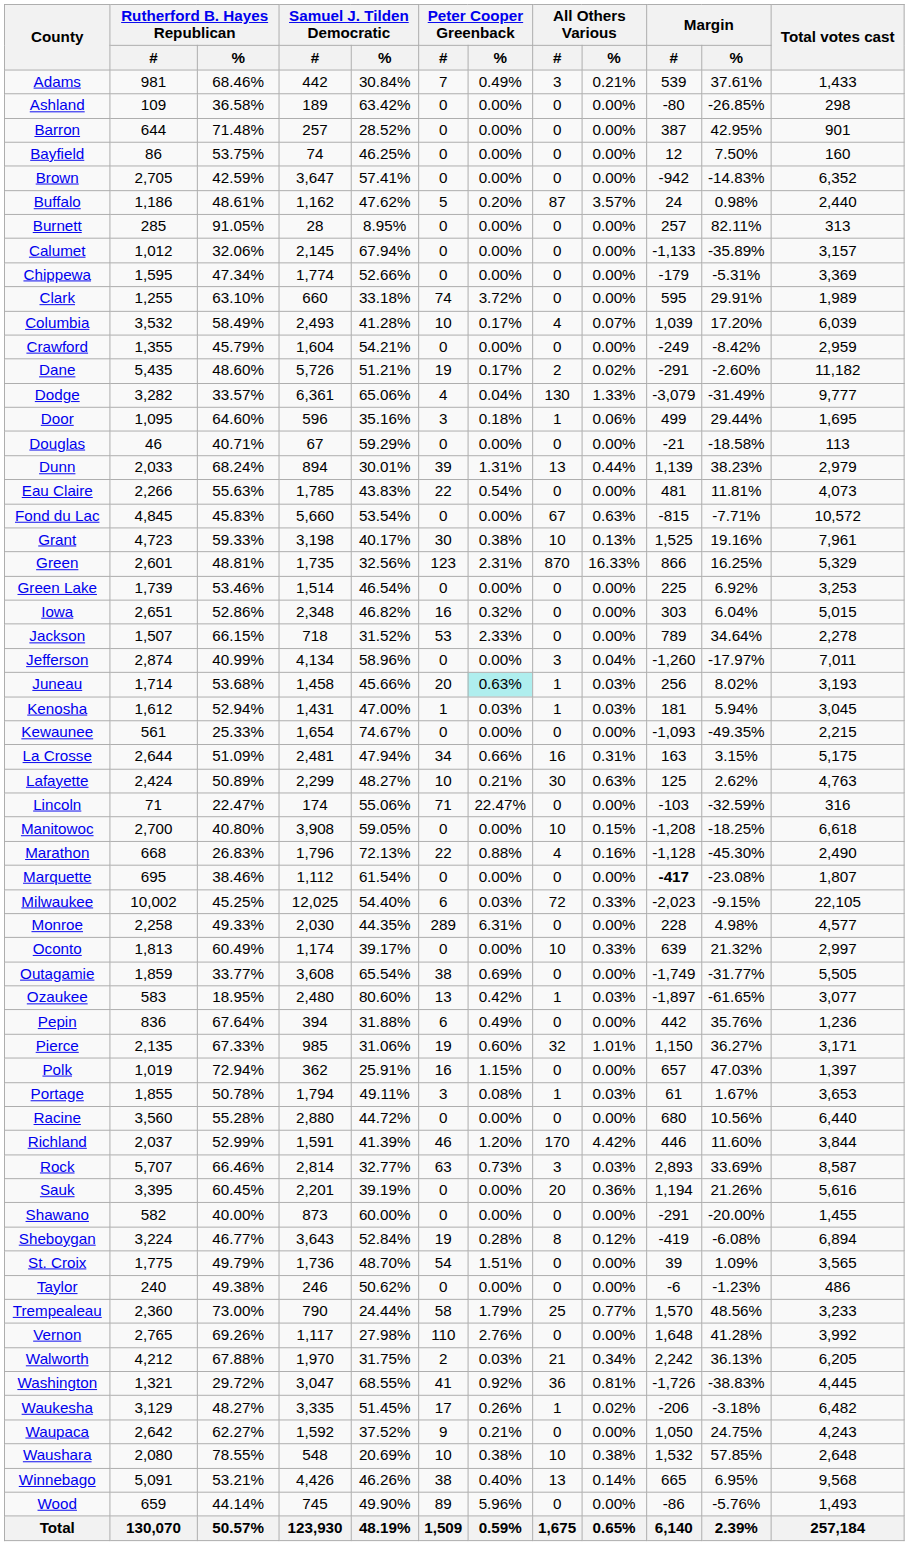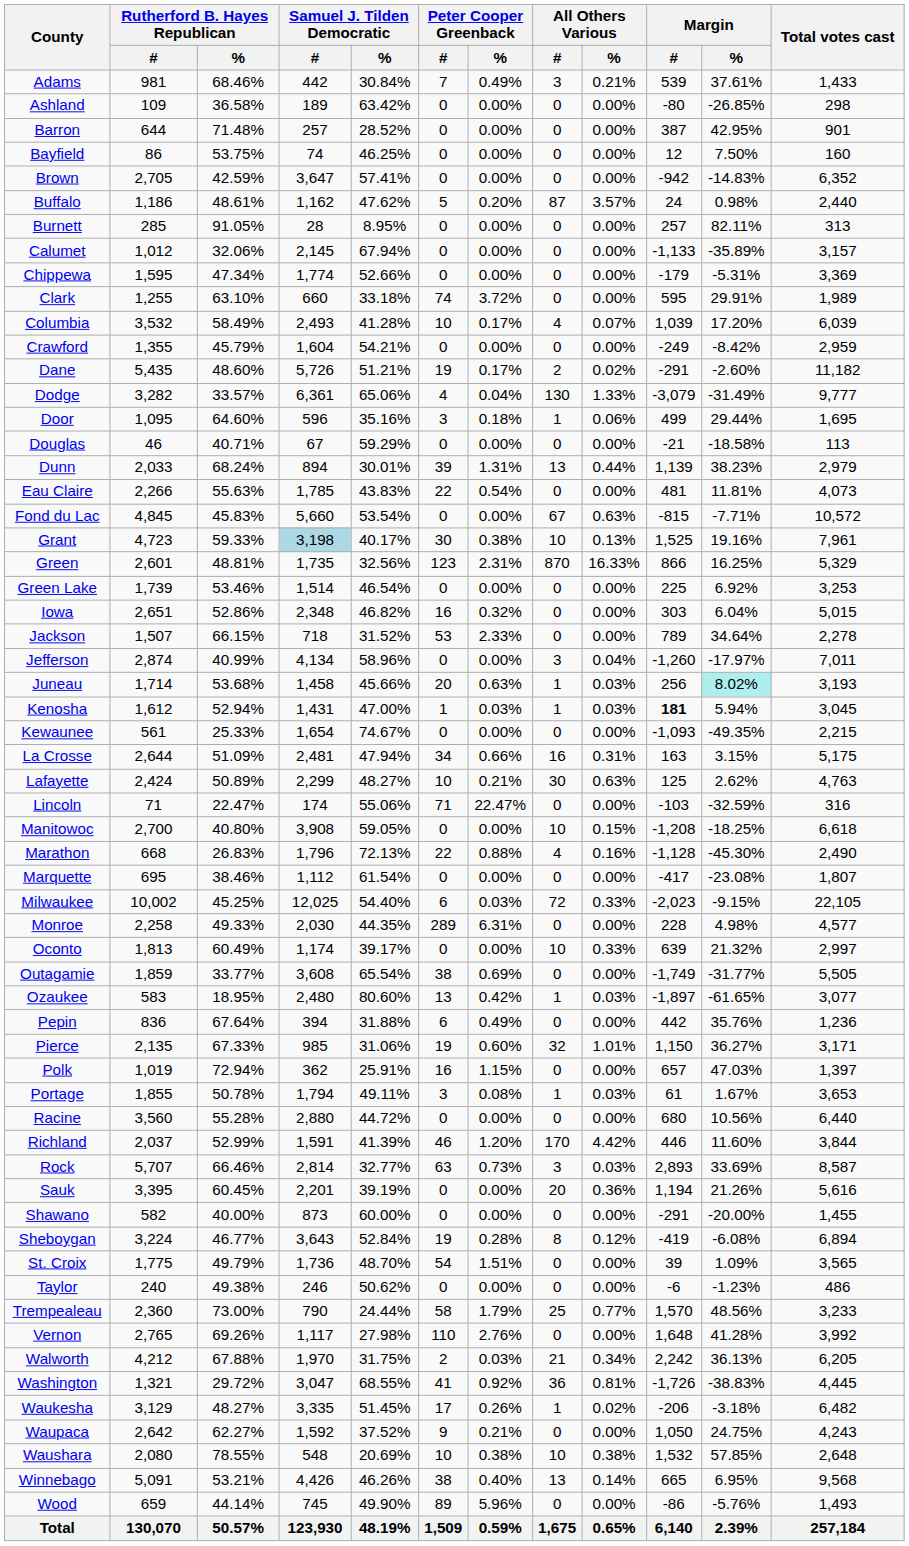 <table width="75%" class="wikitable sortable" style="text-align:center">
 <tr>
 <th rowspan="2" style="text-align:center;">County</th>
 <th colspan="2" style="text-align:center;"><a href='#'>Rutherford B. Hayes</a><br>Republican</th>
 <th colspan="2" style="text-align:center;"><a href='#'>Samuel J. Tilden</a><br>Democratic</th>
 <th colspan="2" style="text-align:center;"><a href='#'>Peter Cooper</a><br>Greenback</th>
 <th colspan="2" style="text-align:center;">All Others<br>Various</th>
 <th colspan="2" style="text-align:center;">Margin</th>
 <th rowspan="2" style="text-align:center;">Total votes cast</th>
 </tr>
 <tr>
 <th style="text-align:center;" data-sort-type="number">#</th>
 <th style="text-align:center;" data-sort-type="number">%</th>
 <th style="text-align:center;" data-sort-type="number">#</th>
 <th style="text-align:center;" data-sort-type="number">%</th>
 <th style="text-align:center;" data-sort-type="number">#</th>
 <th style="text-align:center;" data-sort-type="number">%</th>
 <th style="text-align:center;" data-sort-type="number">#</th>
 <th style="text-align:center;" data-sort-type="number">%</th>
 <th style="text-align:center;" data-sort-type="number">#</th>
 <th style="text-align:center;" data-sort-type="number">%</th>
 </tr>
 <tr style="text-align:center;">
 <td><a href='#'>Adams</a></td>
 <td>981</td>
 <td>68.46%</td>
 <td>442</td>
 <td>30.84%</td>
 <td>7</td>
 <td>0.49%</td>
 <td>3</td>
 <td>0.21%</td>
 <td>539</td>
 <td>37.61%</td>
 <td>1,433</td>
 </tr>
 <tr style="text-align:center;">
 <td><a href='#'>Ashland</a></td>
 <td>109</td>
 <td>36.58%</td>
 <td>189</td>
 <td>63.42%</td>
 <td>0</td>
 <td>0.00%</td>
 <td>0</td>
 <td>0.00%</td>
 <td>-80</td>
 <td>-26.85%</td>
 <td>298</td>
 </tr>
 <tr style="text-align:center;">
 <td><a href='#'>Barron</a></td>
 <td>644</td>
 <td>71.48%</td>
 <td>257</td>
 <td>28.52%</td>
 <td>0</td>
 <td>0.00%</td>
 <td>0</td>
 <td>0.00%</td>
 <td>387</td>
 <td>42.95%</td>
 <td>901</td>
 </tr>
 <tr style="text-align:center;">
 <td><a href='#'>Bayfield</a></td>
 <td>86</td>
 <td>53.75%</td>
 <td>74</td>
 <td>46.25%</td>
 <td>0</td>
 <td>0.00%</td>
 <td>0</td>
 <td>0.00%</td>
 <td>12</td>
 <td>7.50%</td>
 <td>160</td>
 </tr>
 <tr style="text-align:center;">
 <td><a href='#'>Brown</a></td>
 <td>2,705</td>
 <td>42.59%</td>
 <td>3,647</td>
 <td>57.41%</td>
 <td>0</td>
 <td>0.00%</td>
 <td>0</td>
 <td>0.00%</td>
 <td>-942</td>
 <td>-14.83%</td>
 <td>6,352</td>
 </tr>
 <tr style="text-align:center;">
 <td><a href='#'>Buffalo</a></td>
 <td>1,186</td>
 <td>48.61%</td>
 <td>1,162</td>
 <td>47.62%</td>
 <td>5</td>
 <td>0.20%</td>
 <td>87</td>
 <td>3.57%</td>
 <td>24</td>
 <td>0.98%</td>
 <td>2,440</td>
 </tr>
 <tr style="text-align:center;">
 <td><a href='#'>Burnett</a></td>
 <td>285</td>
 <td>91.05%</td>
 <td>28</td>
 <td>8.95%</td>
 <td>0</td>
 <td>0.00%</td>
 <td>0</td>
 <td>0.00%</td>
 <td>257</td>
 <td>82.11%</td>
 <td>313</td>
 </tr>
 <tr style="text-align:center;">
 <td><a href='#'>Calumet</a></td>
 <td>1,012</td>
 <td>32.06%</td>
 <td>2,145</td>
 <td>67.94%</td>
 <td>0</td>
 <td>0.00%</td>
 <td>0</td>
 <td>0.00%</td>
 <td>-1,133</td>
 <td>-35.89%</td>
 <td>3,157</td>
 </tr>
 <tr style="text-align:center;">
 <td><a href='#'>Chippewa</a></td>
 <td>1,595</td>
 <td>47.34%</td>
 <td>1,774</td>
 <td>52.66%</td>
 <td>0</td>
 <td>0.00%</td>
 <td>0</td>
 <td>0.00%</td>
 <td>-179</td>
 <td>-5.31%</td>
 <td>3,369</td>
 </tr>
 <tr style="text-align:center;">
 <td><a href='#'>Clark</a></td>
 <td>1,255</td>
 <td>63.10%</td>
 <td>660</td>
 <td>33.18%</td>
 <td>74</td>
 <td>3.72%</td>
 <td>0</td>
 <td>0.00%</td>
 <td>595</td>
 <td>29.91%</td>
 <td>1,989</td>
 </tr>
 <tr style="text-align:center;">
 <td><a href='#'>Columbia</a></td>
 <td>3,532</td>
 <td>58.49%</td>
 <td>2,493</td>
 <td>41.28%</td>
 <td>10</td>
 <td>0.17%</td>
 <td>4</td>
 <td>0.07%</td>
 <td>1,039</td>
 <td>17.20%</td>
 <td>6,039</td>
 </tr>
 <tr style="text-align:center;">
 <td><a href='#'>Crawford</a></td>
 <td>1,355</td>
 <td>45.79%</td>
 <td>1,604</td>
 <td>54.21%</td>
 <td>0</td>
 <td>0.00%</td>
 <td>0</td>
 <td>0.00%</td>
 <td>-249</td>
 <td>-8.42%</td>
 <td>2,959</td>
 </tr>
 <tr style="text-align:center;">
 <td><a href='#'>Dane</a></td>
 <td>5,435</td>
 <td>48.60%</td>
 <td>5,726</td>
 <td>51.21%</td>
 <td>19</td>
 <td>0.17%</td>
 <td>2</td>
 <td>0.02%</td>
 <td>-291</td>
 <td>-2.60%</td>
 <td>11,182</td>
 </tr>
 <tr style="text-align:center;">
 <td><a href='#'>Dodge</a></td>
 <td>3,282</td>
 <td>33.57%</td>
 <td>6,361</td>
 <td>65.06%</td>
 <td>4</td>
 <td>0.04%</td>
 <td>130</td>
 <td>1.33%</td>
 <td>-3,079</td>
 <td>-31.49%</td>
 <td>9,777</td>
 </tr>
 <tr style="text-align:center;">
 <td><a href='#'>Door</a></td>
 <td>1,095</td>
 <td>64.60%</td>
 <td>596</td>
 <td>35.16%</td>
 <td>3</td>
 <td>0.18%</td>
 <td>1</td>
 <td>0.06%</td>
 <td>499</td>
 <td>29.44%</td>
 <td>1,695</td>
 </tr>
 <tr style="text-align:center;">
 <td><a href='#'>Douglas</a></td>
 <td>46</td>
 <td>40.71%</td>
 <td>67</td>
 <td>59.29%</td>
 <td>0</td>
 <td>0.00%</td>
 <td>0</td>
 <td>0.00%</td>
 <td>-21</td>
 <td>-18.58%</td>
 <td>113</td>
 </tr>
 <tr style="text-align:center;">
 <td><a href='#'>Dunn</a></td>
 <td>2,033</td>
 <td>68.24%</td>
 <td>894</td>
 <td>30.01%</td>
 <td>39</td>
 <td>1.31%</td>
 <td>13</td>
 <td>0.44%</td>
 <td>1,139</td>
 <td>38.23%</td>
 <td>2,979</td>
 </tr>
 <tr style="text-align:center;">
 <td><a href='#'>Eau Claire</a></td>
 <td>2,266</td>
 <td>55.63%</td>
 <td>1,785</td>
 <td>43.83%</td>
 <td>22</td>
 <td>0.54%</td>
 <td>0</td>
 <td>0.00%</td>
 <td>481</td>
 <td>11.81%</td>
 <td>4,073</td>
 </tr>
 <tr style="text-align:center;">
 <td><a href='#'>Fond du Lac</a></td>
 <td>4,845</td>
 <td>45.83%</td>
 <td>5,660</td>
 <td>53.54%</td>
 <td>0</td>
 <td>0.00%</td>
 <td>67</td>
 <td>0.63%</td>
 <td>-815</td>
 <td>-7.71%</td>
 <td>10,572</td>
 </tr>
 <tr style="text-align:center;">
 <td><a href='#'>Grant</a></td>
 <td>4,723</td>
 <td>59.33%</td>
-<td>3,198</td>
+<td style="background: lightblue;">3,198</td>
 <td>40.17%</td>
 <td>30</td>
 <td>0.38%</td>
 <td>10</td>
 <td>0.13%</td>
 <td>1,525</td>
 <td>19.16%</td>
 <td>7,961</td>
 </tr>
 <tr style="text-align:center;">
 <td><a href='#'>Green</a></td>
 <td>2,601</td>
 <td>48.81%</td>
 <td>1,735</td>
 <td>32.56%</td>
 <td>123</td>
 <td>2.31%</td>
 <td>870</td>
 <td>16.33%</td>
 <td>866</td>
 <td>16.25%</td>
 <td>5,329</td>
 </tr>
 <tr style="text-align:center;">
 <td><a href='#'>Green Lake</a></td>
 <td>1,739</td>
 <td>53.46%</td>
 <td>1,514</td>
 <td>46.54%</td>
 <td>0</td>
 <td>0.00%</td>
 <td>0</td>
 <td>0.00%</td>
 <td>225</td>
 <td>6.92%</td>
 <td>3,253</td>
 </tr>
 <tr style="text-align:center;">
 <td><a href='#'>Iowa</a></td>
 <td>2,651</td>
 <td>52.86%</td>
 <td>2,348</td>
 <td>46.82%</td>
 <td>16</td>
 <td>0.32%</td>
 <td>0</td>
 <td>0.00%</td>
 <td>303</td>
 <td>6.04%</td>
 <td>5,015</td>
 </tr>
 <tr style="text-align:center;">
 <td><a href='#'>Jackson</a></td>
 <td>1,507</td>
 <td>66.15%</td>
 <td>718</td>
 <td>31.52%</td>
 <td>53</td>
 <td>2.33%</td>
 <td>0</td>
 <td>0.00%</td>
 <td>789</td>
 <td>34.64%</td>
 <td>2,278</td>
 </tr>
 <tr style="text-align:center;">
 <td><a href='#'>Jefferson</a></td>
 <td>2,874</td>
 <td>40.99%</td>
 <td>4,134</td>
 <td>58.96%</td>
 <td>0</td>
 <td>0.00%</td>
 <td>3</td>
 <td>0.04%</td>
 <td>-1,260</td>
 <td>-17.97%</td>
 <td>7,011</td>
 </tr>
 <tr style="text-align:center;">
 <td><a href='#'>Juneau</a></td>
 <td>1,714</td>
 <td>53.68%</td>
 <td>1,458</td>
 <td>45.66%</td>
 <td>20</td>
-<td style="background: paleturquoise;">0.63%</td>
+<td>0.63%</td>
 <td>1</td>
 <td>0.03%</td>
 <td>256</td>
-<td>8.02%</td>
+<td style="background: paleturquoise;">8.02%</td>
 <td>3,193</td>
 </tr>
 <tr style="text-align:center;">
 <td><a href='#'>Kenosha</a></td>
 <td>1,612</td>
 <td>52.94%</td>
 <td>1,431</td>
 <td>47.00%</td>
 <td>1</td>
 <td>0.03%</td>
 <td>1</td>
 <td>0.03%</td>
-<td>181</td>
+<td><strong>181</strong></td>
 <td>5.94%</td>
 <td>3,045</td>
 </tr>
 <tr style="text-align:center;">
 <td><a href='#'>Kewaunee</a></td>
 <td>561</td>
 <td>25.33%</td>
 <td>1,654</td>
 <td>74.67%</td>
 <td>0</td>
 <td>0.00%</td>
 <td>0</td>
 <td>0.00%</td>
 <td>-1,093</td>
 <td>-49.35%</td>
 <td>2,215</td>
 </tr>
 <tr style="text-align:center;">
 <td><a href='#'>La Crosse</a></td>
 <td>2,644</td>
 <td>51.09%</td>
 <td>2,481</td>
 <td>47.94%</td>
 <td>34</td>
 <td>0.66%</td>
 <td>16</td>
 <td>0.31%</td>
 <td>163</td>
 <td>3.15%</td>
 <td>5,175</td>
 </tr>
 <tr style="text-align:center;">
 <td><a href='#'>Lafayette</a></td>
 <td>2,424</td>
 <td>50.89%</td>
 <td>2,299</td>
 <td>48.27%</td>
 <td>10</td>
 <td>0.21%</td>
 <td>30</td>
 <td>0.63%</td>
 <td>125</td>
 <td>2.62%</td>
 <td>4,763</td>
 </tr>
 <tr style="text-align:center;">
 <td><a href='#'>Lincoln</a></td>
 <td>71</td>
 <td>22.47%</td>
 <td>174</td>
 <td>55.06%</td>
 <td>71</td>
 <td>22.47%</td>
 <td>0</td>
 <td>0.00%</td>
 <td>-103</td>
 <td>-32.59%</td>
 <td>316</td>
 </tr>
 <tr style="text-align:center;">
 <td><a href='#'>Manitowoc</a></td>
 <td>2,700</td>
 <td>40.80%</td>
 <td>3,908</td>
 <td>59.05%</td>
 <td>0</td>
 <td>0.00%</td>
 <td>10</td>
 <td>0.15%</td>
 <td>-1,208</td>
 <td>-18.25%</td>
 <td>6,618</td>
 </tr>
 <tr style="text-align:center;">
 <td><a href='#'>Marathon</a></td>
 <td>668</td>
 <td>26.83%</td>
 <td>1,796</td>
 <td>72.13%</td>
 <td>22</td>
 <td>0.88%</td>
 <td>4</td>
 <td>0.16%</td>
 <td>-1,128</td>
 <td>-45.30%</td>
 <td>2,490</td>
 </tr>
 <tr style="text-align:center;">
 <td><a href='#'>Marquette</a></td>
 <td>695</td>
 <td>38.46%</td>
 <td>1,112</td>
 <td>61.54%</td>
 <td>0</td>
 <td>0.00%</td>
 <td>0</td>
 <td>0.00%</td>
-<td><strong>-417</strong></td>
+<td>-417</td>
 <td>-23.08%</td>
 <td>1,807</td>
 </tr>
 <tr style="text-align:center;">
 <td><a href='#'>Milwaukee</a></td>
 <td>10,002</td>
 <td>45.25%</td>
 <td>12,025</td>
 <td>54.40%</td>
 <td>6</td>
 <td>0.03%</td>
 <td>72</td>
 <td>0.33%</td>
 <td>-2,023</td>
 <td>-9.15%</td>
 <td>22,105</td>
 </tr>
 <tr style="text-align:center;">
 <td><a href='#'>Monroe</a></td>
 <td>2,258</td>
 <td>49.33%</td>
 <td>2,030</td>
 <td>44.35%</td>
 <td>289</td>
 <td>6.31%</td>
 <td>0</td>
 <td>0.00%</td>
 <td>228</td>
 <td>4.98%</td>
 <td>4,577</td>
 </tr>
 <tr style="text-align:center;">
 <td><a href='#'>Oconto</a></td>
 <td>1,813</td>
 <td>60.49%</td>
 <td>1,174</td>
 <td>39.17%</td>
 <td>0</td>
 <td>0.00%</td>
 <td>10</td>
 <td>0.33%</td>
 <td>639</td>
 <td>21.32%</td>
 <td>2,997</td>
 </tr>
 <tr style="text-align:center;">
 <td><a href='#'>Outagamie</a></td>
 <td>1,859</td>
 <td>33.77%</td>
 <td>3,608</td>
 <td>65.54%</td>
 <td>38</td>
 <td>0.69%</td>
 <td>0</td>
 <td>0.00%</td>
 <td>-1,749</td>
 <td>-31.77%</td>
 <td>5,505</td>
 </tr>
 <tr style="text-align:center;">
 <td><a href='#'>Ozaukee</a></td>
 <td>583</td>
 <td>18.95%</td>
 <td>2,480</td>
 <td>80.60%</td>
 <td>13</td>
 <td>0.42%</td>
 <td>1</td>
 <td>0.03%</td>
 <td>-1,897</td>
 <td>-61.65%</td>
 <td>3,077</td>
 </tr>
 <tr style="text-align:center;">
 <td><a href='#'>Pepin</a></td>
 <td>836</td>
 <td>67.64%</td>
 <td>394</td>
 <td>31.88%</td>
 <td>6</td>
 <td>0.49%</td>
 <td>0</td>
 <td>0.00%</td>
 <td>442</td>
 <td>35.76%</td>
 <td>1,236</td>
 </tr>
 <tr style="text-align:center;">
 <td><a href='#'>Pierce</a></td>
 <td>2,135</td>
 <td>67.33%</td>
 <td>985</td>
 <td>31.06%</td>
 <td>19</td>
 <td>0.60%</td>
 <td>32</td>
 <td>1.01%</td>
 <td>1,150</td>
 <td>36.27%</td>
 <td>3,171</td>
 </tr>
 <tr style="text-align:center;">
 <td><a href='#'>Polk</a></td>
 <td>1,019</td>
 <td>72.94%</td>
 <td>362</td>
 <td>25.91%</td>
 <td>16</td>
 <td>1.15%</td>
 <td>0</td>
 <td>0.00%</td>
 <td>657</td>
 <td>47.03%</td>
 <td>1,397</td>
 </tr>
 <tr style="text-align:center;">
 <td><a href='#'>Portage</a></td>
 <td>1,855</td>
 <td>50.78%</td>
 <td>1,794</td>
 <td>49.11%</td>
 <td>3</td>
 <td>0.08%</td>
 <td>1</td>
 <td>0.03%</td>
 <td>61</td>
 <td>1.67%</td>
 <td>3,653</td>
 </tr>
 <tr style="text-align:center;">
 <td><a href='#'>Racine</a></td>
 <td>3,560</td>
 <td>55.28%</td>
 <td>2,880</td>
 <td>44.72%</td>
 <td>0</td>
 <td>0.00%</td>
 <td>0</td>
 <td>0.00%</td>
 <td>680</td>
 <td>10.56%</td>
 <td>6,440</td>
 </tr>
 <tr style="text-align:center;">
 <td><a href='#'>Richland</a></td>
 <td>2,037</td>
 <td>52.99%</td>
 <td>1,591</td>
 <td>41.39%</td>
 <td>46</td>
 <td>1.20%</td>
 <td>170</td>
 <td>4.42%</td>
 <td>446</td>
 <td>11.60%</td>
 <td>3,844</td>
 </tr>
 <tr style="text-align:center;">
 <td><a href='#'>Rock</a></td>
 <td>5,707</td>
 <td>66.46%</td>
 <td>2,814</td>
 <td>32.77%</td>
 <td>63</td>
 <td>0.73%</td>
 <td>3</td>
 <td>0.03%</td>
 <td>2,893</td>
 <td>33.69%</td>
 <td>8,587</td>
 </tr>
 <tr style="text-align:center;">
 <td><a href='#'>Sauk</a></td>
 <td>3,395</td>
 <td>60.45%</td>
 <td>2,201</td>
 <td>39.19%</td>
 <td>0</td>
 <td>0.00%</td>
 <td>20</td>
 <td>0.36%</td>
 <td>1,194</td>
 <td>21.26%</td>
 <td>5,616</td>
 </tr>
 <tr style="text-align:center;">
 <td><a href='#'>Shawano</a></td>
 <td>582</td>
 <td>40.00%</td>
 <td>873</td>
 <td>60.00%</td>
 <td>0</td>
 <td>0.00%</td>
 <td>0</td>
 <td>0.00%</td>
 <td>-291</td>
 <td>-20.00%</td>
 <td>1,455</td>
 </tr>
 <tr style="text-align:center;">
 <td><a href='#'>Sheboygan</a></td>
 <td>3,224</td>
 <td>46.77%</td>
 <td>3,643</td>
 <td>52.84%</td>
 <td>19</td>
 <td>0.28%</td>
 <td>8</td>
 <td>0.12%</td>
 <td>-419</td>
 <td>-6.08%</td>
 <td>6,894</td>
 </tr>
 <tr style="text-align:center;">
 <td><a href='#'>St. Croix</a></td>
 <td>1,775</td>
 <td>49.79%</td>
 <td>1,736</td>
 <td>48.70%</td>
 <td>54</td>
 <td>1.51%</td>
 <td>0</td>
 <td>0.00%</td>
 <td>39</td>
 <td>1.09%</td>
 <td>3,565</td>
 </tr>
 <tr style="text-align:center;">
 <td><a href='#'>Taylor</a></td>
 <td>240</td>
 <td>49.38%</td>
 <td>246</td>
 <td>50.62%</td>
 <td>0</td>
 <td>0.00%</td>
 <td>0</td>
 <td>0.00%</td>
 <td>-6</td>
 <td>-1.23%</td>
 <td>486</td>
 </tr>
 <tr style="text-align:center;">
 <td><a href='#'>Trempealeau</a></td>
 <td>2,360</td>
 <td>73.00%</td>
 <td>790</td>
 <td>24.44%</td>
 <td>58</td>
 <td>1.79%</td>
 <td>25</td>
 <td>0.77%</td>
 <td>1,570</td>
 <td>48.56%</td>
 <td>3,233</td>
 </tr>
 <tr style="text-align:center;">
 <td><a href='#'>Vernon</a></td>
 <td>2,765</td>
 <td>69.26%</td>
 <td>1,117</td>
 <td>27.98%</td>
 <td>110</td>
 <td>2.76%</td>
 <td>0</td>
 <td>0.00%</td>
 <td>1,648</td>
 <td>41.28%</td>
 <td>3,992</td>
 </tr>
 <tr style="text-align:center;">
 <td><a href='#'>Walworth</a></td>
 <td>4,212</td>
 <td>67.88%</td>
 <td>1,970</td>
 <td>31.75%</td>
 <td>2</td>
 <td>0.03%</td>
 <td>21</td>
 <td>0.34%</td>
 <td>2,242</td>
 <td>36.13%</td>
 <td>6,205</td>
 </tr>
 <tr style="text-align:center;">
 <td><a href='#'>Washington</a></td>
 <td>1,321</td>
 <td>29.72%</td>
 <td>3,047</td>
 <td>68.55%</td>
 <td>41</td>
 <td>0.92%</td>
 <td>36</td>
 <td>0.81%</td>
 <td>-1,726</td>
 <td>-38.83%</td>
 <td>4,445</td>
 </tr>
 <tr style="text-align:center;">
 <td><a href='#'>Waukesha</a></td>
 <td>3,129</td>
 <td>48.27%</td>
 <td>3,335</td>
 <td>51.45%</td>
 <td>17</td>
 <td>0.26%</td>
 <td>1</td>
 <td>0.02%</td>
 <td>-206</td>
 <td>-3.18%</td>
 <td>6,482</td>
 </tr>
 <tr style="text-align:center;">
 <td><a href='#'>Waupaca</a></td>
 <td>2,642</td>
 <td>62.27%</td>
 <td>1,592</td>
 <td>37.52%</td>
 <td>9</td>
 <td>0.21%</td>
 <td>0</td>
 <td>0.00%</td>
 <td>1,050</td>
 <td>24.75%</td>
 <td>4,243</td>
 </tr>
 <tr style="text-align:center;">
 <td><a href='#'>Waushara</a></td>
 <td>2,080</td>
 <td>78.55%</td>
 <td>548</td>
 <td>20.69%</td>
 <td>10</td>
 <td>0.38%</td>
 <td>10</td>
 <td>0.38%</td>
 <td>1,532</td>
 <td>57.85%</td>
 <td>2,648</td>
 </tr>
 <tr style="text-align:center;">
 <td><a href='#'>Winnebago</a></td>
 <td>5,091</td>
 <td>53.21%</td>
 <td>4,426</td>
 <td>46.26%</td>
 <td>38</td>
 <td>0.40%</td>
 <td>13</td>
 <td>0.14%</td>
 <td>665</td>
 <td>6.95%</td>
 <td>9,568</td>
 </tr>
 <tr style="text-align:center;">
 <td><a href='#'>Wood</a></td>
 <td>659</td>
 <td>44.14%</td>
 <td>745</td>
 <td>49.90%</td>
 <td>89</td>
 <td>5.96%</td>
 <td>0</td>
 <td>0.00%</td>
 <td>-86</td>
 <td>-5.76%</td>
 <td>1,493</td>
 </tr>
 <tr>
 <th>Total</th>
 <th>130,070</th>
 <th>50.57%</th>
 <th>123,930</th>
 <th>48.19%</th>
 <th>1,509</th>
 <th>0.59%</th>
 <th>1,675</th>
 <th>0.65%</th>
 <th>6,140</th>
 <th>2.39%</th>
 <th>257,184</th>
 </tr>
 </table>
